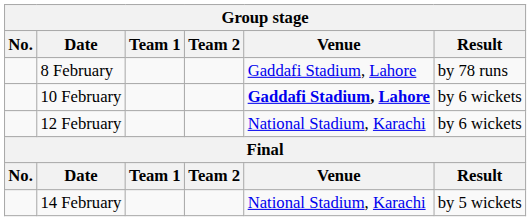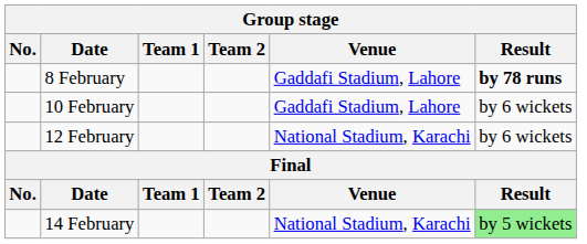 <table class="wikitable">
 <tr>
 <th colspan="6">Group stage</th>
 </tr>
 <tr>
 <th scope=col>No.</th>
 <th scope=col>Date</th>
 <th scope=col>Team 1</th>
 <th scope=col>Team 2</th>
 <th scope=col>Venue</th>
 <th scope=col>Result</th>
 </tr>
 <tr>
 <td></td>
 <td>8 February</td>
 <td></td>
 <td></td>
 <td><a href='#'>Gaddafi Stadium</a>, <a href='#'>Lahore</a></td>
-<td> by 78 runs</td>
+<td><strong> by 78 runs</strong></td>
 </tr>
 <tr>
 <td></td>
 <td>10 February</td>
 <td></td>
 <td></td>
-<td><strong><a href='#'>Gaddafi Stadium</a>, <a href='#'>Lahore</a></strong></td>
+<td><a href='#'>Gaddafi Stadium</a>, <a href='#'>Lahore</a></td>
 <td> by 6 wickets</td>
 </tr>
 <tr>
 <td></td>
 <td>12 February</td>
 <td></td>
 <td></td>
 <td><a href='#'>National Stadium</a>, <a href='#'>Karachi</a></td>
 <td> by 6 wickets</td>
 </tr>
 <tr>
 <th colspan="6">Final</th>
 </tr>
 <tr>
 <th scope=col>No.</th>
 <th scope=col>Date</th>
 <th scope=col>Team 1</th>
 <th scope=col>Team 2</th>
 <th scope=col>Venue</th>
 <th scope=col>Result</th>
 </tr>
 <tr>
 <td></td>
 <td>14 February</td>
 <td></td>
 <td></td>
 <td><a href='#'>National Stadium</a>, <a href='#'>Karachi</a></td>
-<td> by 5 wickets</td>
+<td style="background: lightgreen;"> by 5 wickets</td>
 </tr>
 </table>
